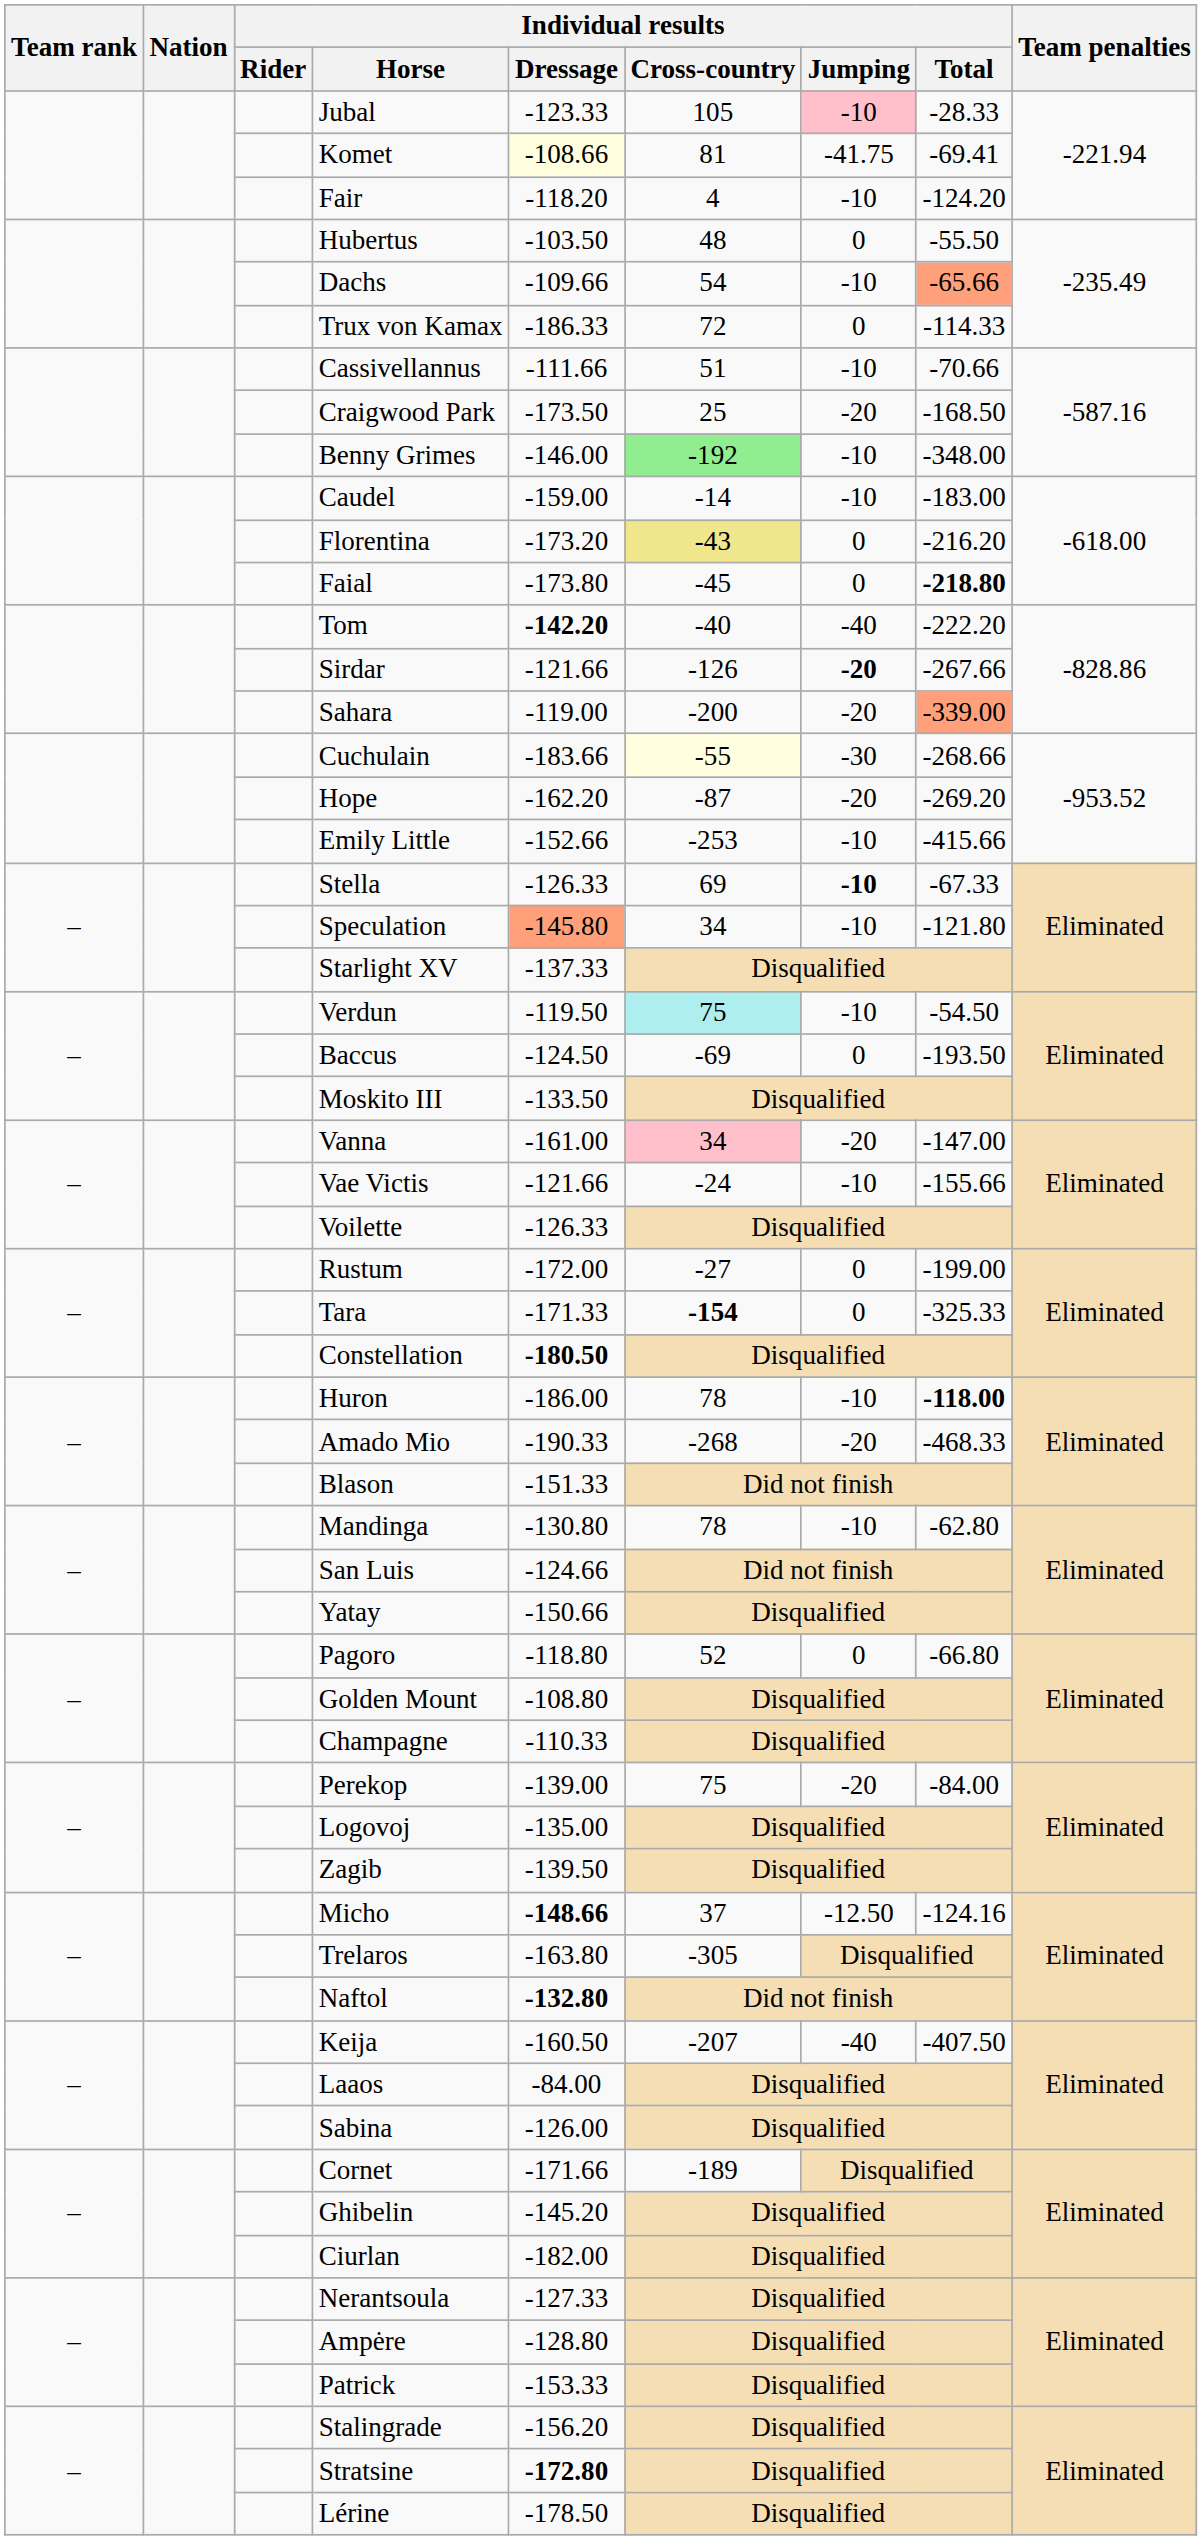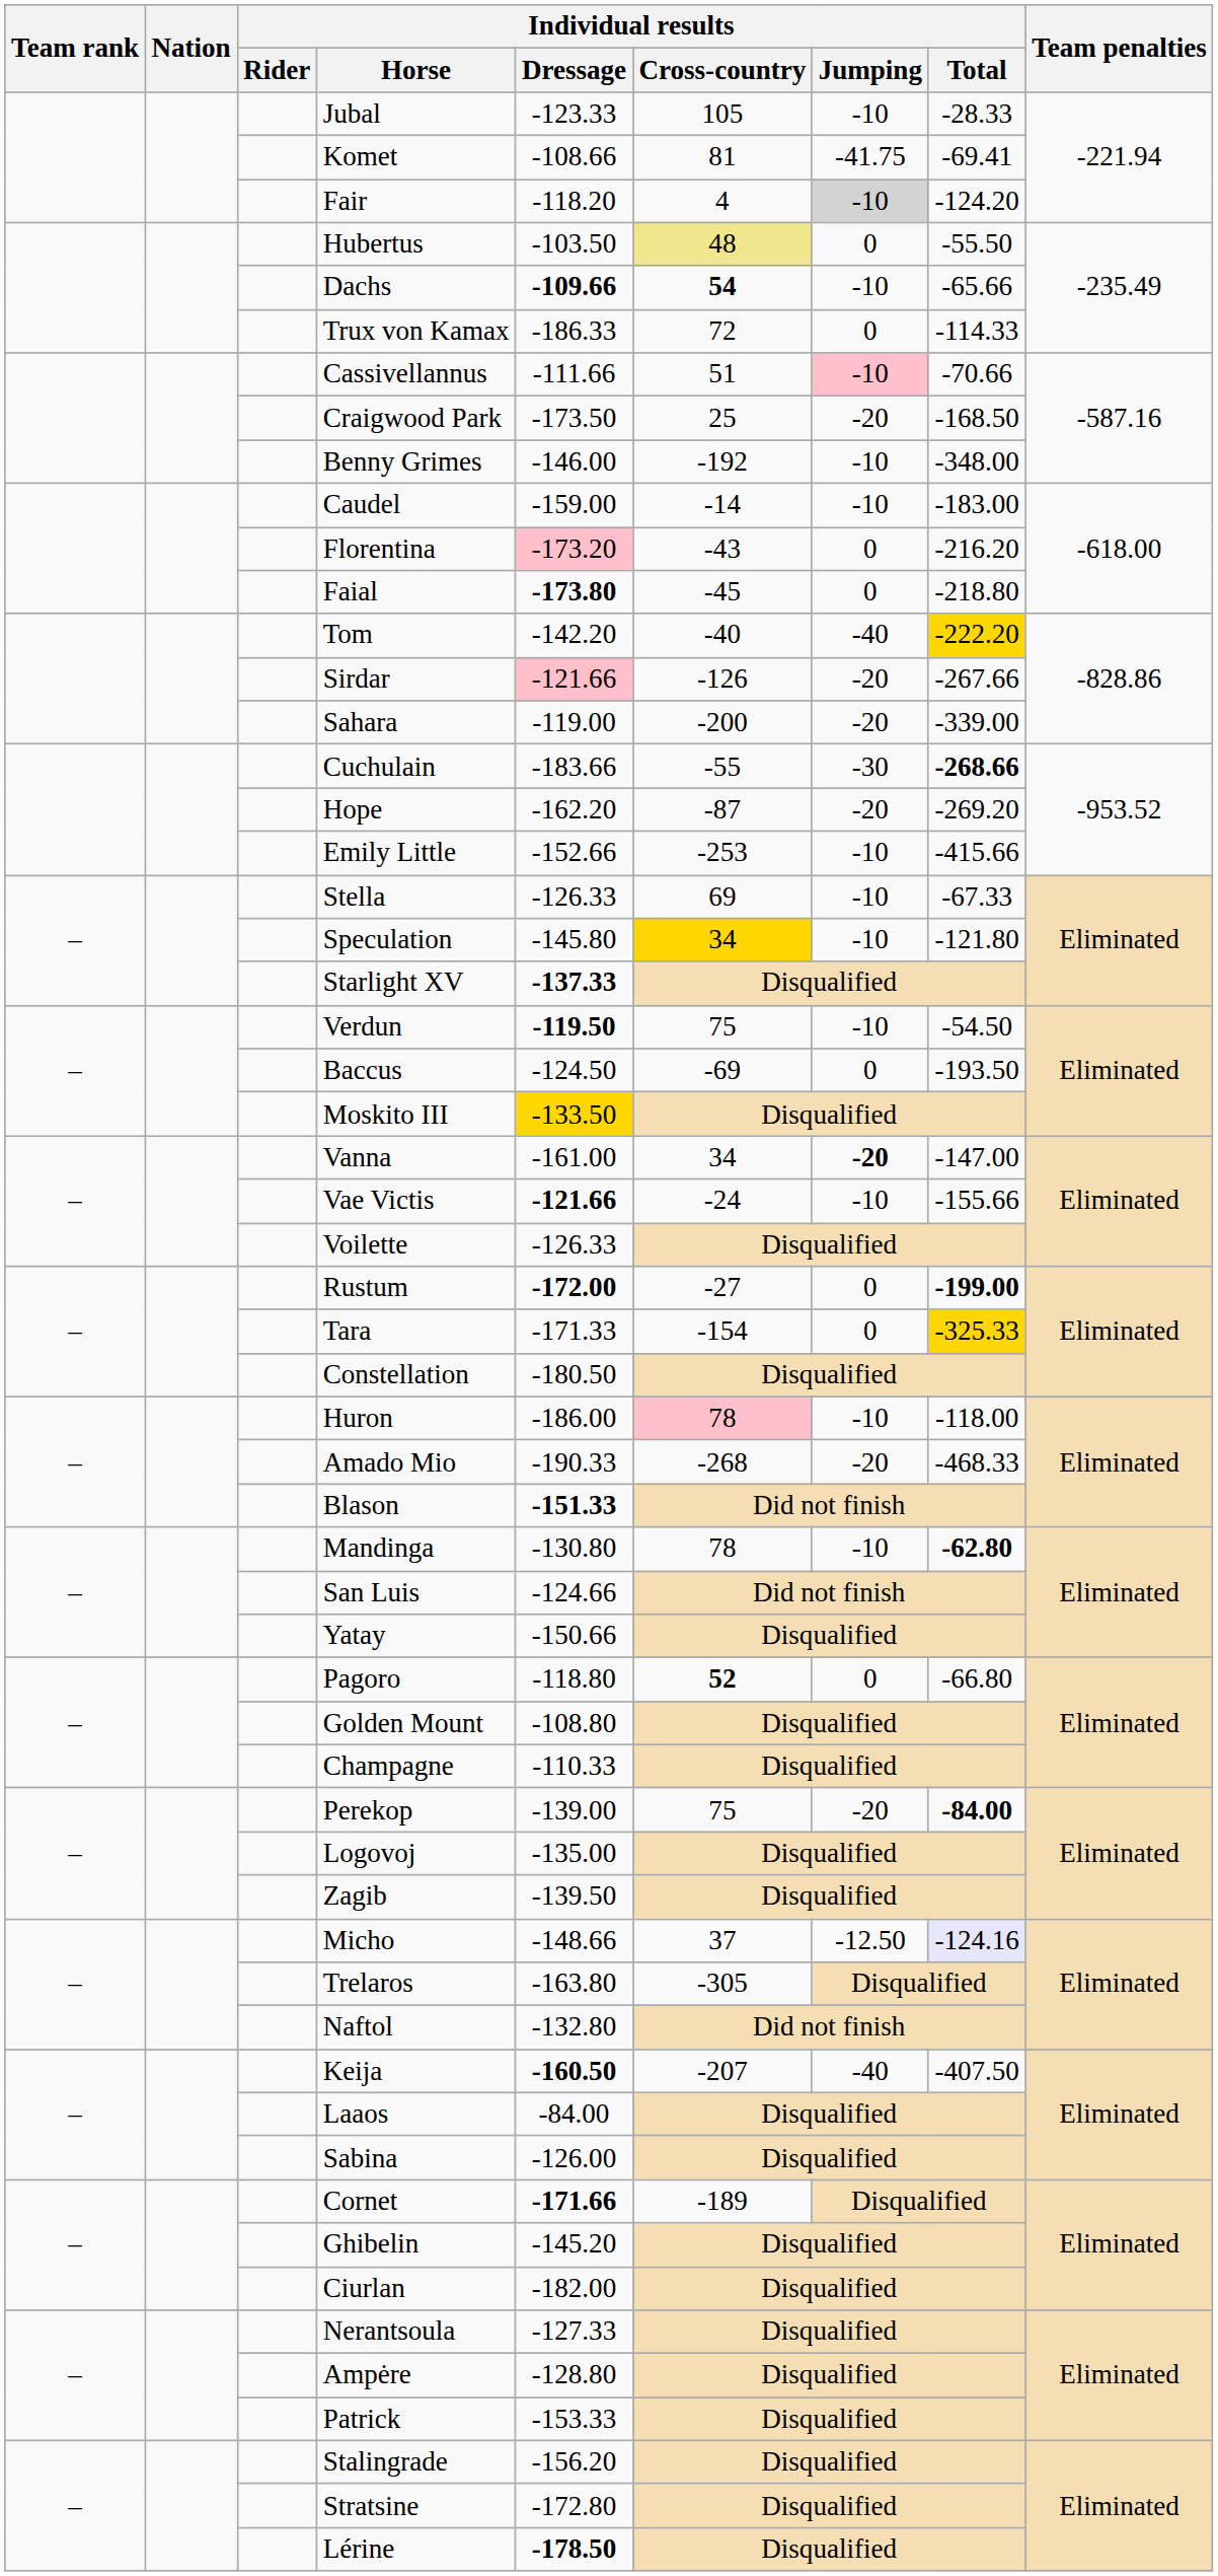 <table class="wikitable sortable" style="text-align:center">
 <tr>
 <th rowspan="2">Team rank</th>
 <th rowspan="2">Nation</th>
 <th colspan="6">Individual results</th>
 <th rowspan="2">Team penalties</th>
 </tr>
 <tr>
 <th>Rider</th>
 <th>Horse</th>
 <th>Dressage</th>
 <th>Cross-country</th>
 <th>Jumping</th>
 <th>Total</th>
 </tr>
 <tr>
 <td rowspan=3></td>
 <td rowspan=3 align=left></td>
 <td align=left></td>
 <td align=left>Jubal</td>
 <td>-123.33</td>
 <td>105</td>
-<td style="background: pink;">-10</td>
+<td>-10</td>
 <td>-28.33</td>
 <td rowspan=3>-221.94</td>
 </tr>
 <tr>
 <td align=left></td>
 <td align=left>Komet</td>
-<td style="background: lightyellow;">-108.66</td>
+<td>-108.66</td>
 <td>81</td>
 <td>-41.75</td>
 <td>-69.41</td>
 </tr>
 <tr>
 <td align=left></td>
 <td align=left>Fair</td>
 <td>-118.20</td>
 <td>4</td>
-<td>-10</td>
+<td style="background: lightgrey;">-10</td>
 <td>-124.20</td>
 </tr>
 <tr>
 <td rowspan=3></td>
 <td rowspan=3 align=left></td>
 <td align=left></td>
 <td align=left>Hubertus</td>
 <td>-103.50</td>
-<td>48</td>
+<td style="background: khaki;">48</td>
 <td>0</td>
 <td>-55.50</td>
 <td rowspan=3>-235.49</td>
 </tr>
 <tr>
 <td align=left></td>
 <td align=left>Dachs</td>
-<td>-109.66</td>
-<td>54</td>
+<td><strong>-109.66</strong></td>
+<td><strong>54</strong></td>
 <td>-10</td>
-<td style="background: lightsalmon;">-65.66</td>
+<td>-65.66</td>
 </tr>
 <tr>
 <td align=left></td>
 <td align=left>Trux von Kamax</td>
 <td>-186.33</td>
 <td>72</td>
 <td>0</td>
 <td>-114.33</td>
 </tr>
 <tr>
 <td rowspan=3></td>
 <td rowspan=3 align=left></td>
 <td align=left></td>
 <td align=left>Cassivellannus</td>
 <td>-111.66</td>
 <td>51</td>
-<td>-10</td>
+<td style="background: pink;">-10</td>
 <td>-70.66</td>
 <td rowspan=3>-587.16</td>
 </tr>
 <tr>
 <td align=left></td>
 <td align=left>Craigwood Park</td>
 <td>-173.50</td>
 <td>25</td>
 <td>-20</td>
 <td>-168.50</td>
 </tr>
 <tr>
 <td align=left></td>
 <td align=left>Benny Grimes</td>
 <td>-146.00</td>
-<td style="background: lightgreen;">-192</td>
+<td>-192</td>
 <td>-10</td>
 <td>-348.00</td>
 </tr>
 <tr>
 <td rowspan=3></td>
 <td rowspan=3 align=left></td>
 <td align=left></td>
 <td align=left>Caudel</td>
 <td>-159.00</td>
 <td>-14</td>
 <td>-10</td>
 <td>-183.00</td>
 <td rowspan=3>-618.00</td>
 </tr>
 <tr>
 <td align=left></td>
 <td align=left>Florentina</td>
-<td>-173.20</td>
-<td style="background: khaki;">-43</td>
+<td style="background: pink;">-173.20</td>
+<td>-43</td>
 <td>0</td>
 <td>-216.20</td>
 </tr>
 <tr>
 <td align=left></td>
 <td align=left>Faial</td>
-<td>-173.80</td>
+<td><strong>-173.80</strong></td>
 <td>-45</td>
 <td>0</td>
-<td><strong>-218.80</strong></td>
+<td>-218.80</td>
 </tr>
 <tr>
 <td rowspan=3></td>
 <td rowspan=3 align=left></td>
 <td align=left></td>
 <td align=left>Tom</td>
-<td><strong>-142.20</strong></td>
+<td>-142.20</td>
 <td>-40</td>
 <td>-40</td>
-<td>-222.20</td>
+<td style="background: gold;">-222.20</td>
 <td rowspan=3>-828.86</td>
 </tr>
 <tr>
 <td align=left></td>
 <td align=left>Sirdar</td>
-<td>-121.66</td>
+<td style="background: pink;">-121.66</td>
 <td>-126</td>
-<td><strong>-20</strong></td>
+<td>-20</td>
 <td>-267.66</td>
 </tr>
 <tr>
 <td align=left></td>
 <td align=left>Sahara</td>
 <td>-119.00</td>
 <td>-200</td>
 <td>-20</td>
-<td style="background: lightsalmon;">-339.00</td>
+<td>-339.00</td>
 </tr>
 <tr>
 <td rowspan=3></td>
 <td rowspan=3 align=left></td>
 <td align=left></td>
 <td align=left>Cuchulain</td>
 <td>-183.66</td>
-<td style="background: lightyellow;">-55</td>
+<td>-55</td>
 <td>-30</td>
-<td>-268.66</td>
+<td><strong>-268.66</strong></td>
 <td rowspan=3>-953.52</td>
 </tr>
 <tr>
 <td align=left></td>
 <td align=left>Hope</td>
 <td>-162.20</td>
 <td>-87</td>
 <td>-20</td>
 <td>-269.20</td>
 </tr>
 <tr>
 <td align=left></td>
 <td align=left>Emily Little</td>
 <td>-152.66</td>
 <td>-253</td>
 <td>-10</td>
 <td>-415.66</td>
 </tr>
 <tr>
 <td rowspan=3>–</td>
 <td rowspan=3 align=left></td>
 <td align=left></td>
 <td align=left>Stella</td>
 <td>-126.33</td>
 <td>69</td>
-<td><strong>-10</strong></td>
+<td>-10</td>
 <td>-67.33</td>
 <td rowspan=3 bgcolor=wheat>Eliminated</td>
 </tr>
 <tr>
 <td align=left></td>
 <td align=left>Speculation</td>
-<td style="background: lightsalmon;">-145.80</td>
-<td>34</td>
+<td>-145.80</td>
+<td style="background: gold;">34</td>
 <td>-10</td>
 <td>-121.80</td>
 </tr>
 <tr>
 <td align=left></td>
 <td align=left>Starlight XV</td>
-<td>-137.33</td>
+<td><strong>-137.33</strong></td>
 <td colspan=3 bgcolor=wheat>Disqualified</td>
 </tr>
 <tr>
 <td rowspan=3>–</td>
 <td rowspan=3 align=left></td>
 <td align=left></td>
 <td align=left>Verdun</td>
-<td>-119.50</td>
-<td style="background: paleturquoise;">75</td>
+<td><strong>-119.50</strong></td>
+<td>75</td>
 <td>-10</td>
 <td>-54.50</td>
 <td rowspan=3 bgcolor=wheat>Eliminated</td>
 </tr>
 <tr>
 <td align=left></td>
 <td align=left>Baccus</td>
 <td>-124.50</td>
 <td>-69</td>
 <td>0</td>
 <td>-193.50</td>
 </tr>
 <tr>
 <td align=left></td>
 <td align=left>Moskito III</td>
-<td>-133.50</td>
+<td style="background: gold;">-133.50</td>
 <td colspan=3 bgcolor=wheat>Disqualified</td>
 </tr>
 <tr>
 <td rowspan=3>–</td>
 <td rowspan=3 align=left></td>
 <td align=left></td>
 <td align=left>Vanna</td>
 <td>-161.00</td>
-<td style="background: pink;">34</td>
-<td>-20</td>
+<td>34</td>
+<td><strong>-20</strong></td>
 <td>-147.00</td>
 <td rowspan=3 bgcolor=wheat>Eliminated</td>
 </tr>
 <tr>
 <td align=left></td>
 <td align=left>Vae Victis</td>
-<td>-121.66</td>
+<td><strong>-121.66</strong></td>
 <td>-24</td>
 <td>-10</td>
 <td>-155.66</td>
 </tr>
 <tr>
 <td align=left></td>
 <td align=left>Voilette</td>
 <td>-126.33</td>
 <td colspan=3 bgcolor=wheat>Disqualified</td>
 </tr>
 <tr>
 <td rowspan=3>–</td>
 <td rowspan=3 align=left></td>
 <td align=left></td>
 <td align=left>Rustum</td>
-<td>-172.00</td>
+<td><strong>-172.00</strong></td>
 <td>-27</td>
 <td>0</td>
-<td>-199.00</td>
+<td><strong>-199.00</strong></td>
 <td rowspan=3 bgcolor=wheat>Eliminated</td>
 </tr>
 <tr>
 <td align=left></td>
 <td align=left>Tara</td>
 <td>-171.33</td>
-<td><strong>-154</strong></td>
+<td>-154</td>
 <td>0</td>
-<td>-325.33</td>
+<td style="background: gold;">-325.33</td>
 </tr>
 <tr>
 <td align=left></td>
 <td align=left>Constellation</td>
-<td><strong>-180.50</strong></td>
+<td>-180.50</td>
 <td colspan=3 bgcolor=wheat>Disqualified</td>
 </tr>
 <tr>
 <td rowspan=3>–</td>
 <td rowspan=3 align=left></td>
 <td align=left></td>
 <td align=left>Huron</td>
 <td>-186.00</td>
-<td>78</td>
+<td style="background: pink;">78</td>
 <td>-10</td>
-<td><strong>-118.00</strong></td>
+<td>-118.00</td>
 <td rowspan=3 bgcolor=wheat>Eliminated</td>
 </tr>
 <tr>
 <td align=left></td>
 <td align=left>Amado Mio</td>
 <td>-190.33</td>
 <td>-268</td>
 <td>-20</td>
 <td>-468.33</td>
 </tr>
 <tr>
 <td align=left></td>
 <td align=left>Blason</td>
-<td>-151.33</td>
+<td><strong>-151.33</strong></td>
 <td colspan=3 bgcolor=wheat>Did not finish</td>
 </tr>
 <tr>
 <td rowspan=3>–</td>
 <td rowspan=3 align=left></td>
 <td align=left></td>
 <td align=left>Mandinga</td>
 <td>-130.80</td>
 <td>78</td>
 <td>-10</td>
-<td>-62.80</td>
+<td><strong>-62.80</strong></td>
 <td rowspan=3 bgcolor=wheat>Eliminated</td>
 </tr>
 <tr>
 <td align=left></td>
 <td align=left>San Luis</td>
 <td>-124.66</td>
 <td colspan=3 bgcolor=wheat>Did not finish</td>
 </tr>
 <tr>
 <td align=left></td>
 <td align=left>Yatay</td>
 <td>-150.66</td>
 <td colspan=3 bgcolor=wheat>Disqualified</td>
 </tr>
 <tr>
 <td rowspan=3>–</td>
 <td rowspan=3 align=left></td>
 <td align=left></td>
 <td align=left>Pagoro</td>
 <td>-118.80</td>
-<td>52</td>
+<td><strong>52</strong></td>
 <td>0</td>
 <td>-66.80</td>
 <td rowspan=3 bgcolor=wheat>Eliminated</td>
 </tr>
 <tr>
 <td align=left></td>
 <td align=left>Golden Mount</td>
 <td>-108.80</td>
 <td colspan=3 bgcolor=wheat>Disqualified</td>
 </tr>
 <tr>
 <td align=left></td>
 <td align=left>Champagne</td>
 <td>-110.33</td>
 <td colspan=3 bgcolor=wheat>Disqualified</td>
 </tr>
 <tr>
 <td rowspan=3>–</td>
 <td rowspan=3 align=left></td>
 <td align=left></td>
 <td align=left>Perekop</td>
 <td>-139.00</td>
 <td>75</td>
 <td>-20</td>
-<td>-84.00</td>
+<td><strong>-84.00</strong></td>
 <td rowspan=3 bgcolor=wheat>Eliminated</td>
 </tr>
 <tr>
 <td align=left></td>
 <td align=left>Logovoj</td>
 <td>-135.00</td>
 <td colspan=3 bgcolor=wheat>Disqualified</td>
 </tr>
 <tr>
 <td align=left></td>
 <td align=left>Zagib</td>
 <td>-139.50</td>
 <td colspan=3 bgcolor=wheat>Disqualified</td>
 </tr>
 <tr>
 <td rowspan=3>–</td>
 <td rowspan=3 align=left></td>
 <td align=left></td>
 <td align=left>Micho</td>
-<td><strong>-148.66</strong></td>
+<td>-148.66</td>
 <td>37</td>
 <td>-12.50</td>
-<td>-124.16</td>
+<td style="background: lavender;">-124.16</td>
 <td rowspan=3 bgcolor=wheat>Eliminated</td>
 </tr>
 <tr>
 <td align=left></td>
 <td align=left>Trelaros</td>
 <td>-163.80</td>
 <td>-305</td>
 <td colspan=2 bgcolor=wheat>Disqualified</td>
 </tr>
 <tr>
 <td align=left></td>
 <td align=left>Naftol</td>
-<td><strong>-132.80</strong></td>
+<td>-132.80</td>
 <td colspan=3 bgcolor=wheat>Did not finish</td>
 </tr>
 <tr>
 <td rowspan=3>–</td>
 <td rowspan=3 align=left></td>
 <td align=left></td>
 <td align=left>Keija</td>
-<td>-160.50</td>
+<td><strong>-160.50</strong></td>
 <td>-207</td>
 <td>-40</td>
 <td>-407.50</td>
 <td rowspan=3 bgcolor=wheat>Eliminated</td>
 </tr>
 <tr>
 <td align=left></td>
 <td align=left>Laaos</td>
 <td>-84.00</td>
 <td colspan=3 bgcolor=wheat>Disqualified</td>
 </tr>
 <tr>
 <td align=left></td>
 <td align=left>Sabina</td>
 <td>-126.00</td>
 <td colspan=3 bgcolor=wheat>Disqualified</td>
 </tr>
 <tr>
 <td rowspan=3>–</td>
 <td rowspan=3 align=left></td>
 <td align=left></td>
 <td align=left>Cornet</td>
-<td>-171.66</td>
+<td><strong>-171.66</strong></td>
 <td>-189</td>
 <td colspan=2 bgcolor=wheat>Disqualified</td>
 <td rowspan=3 bgcolor=wheat>Eliminated</td>
 </tr>
 <tr>
 <td align=left></td>
 <td align=left>Ghibelin</td>
 <td>-145.20</td>
 <td colspan=3 bgcolor=wheat>Disqualified</td>
 </tr>
 <tr>
 <td align=left></td>
 <td align=left>Ciurlan</td>
 <td>-182.00</td>
 <td colspan=3 bgcolor=wheat>Disqualified</td>
 </tr>
 <tr>
 <td rowspan=3>–</td>
 <td rowspan=3 align=left></td>
 <td align=left></td>
 <td align=left>Nerantsoula</td>
 <td>-127.33</td>
 <td colspan=3 bgcolor=wheat>Disqualified</td>
 <td rowspan=3 bgcolor=wheat>Eliminated</td>
 </tr>
 <tr>
 <td align=left></td>
 <td align=left>Ampėre</td>
 <td>-128.80</td>
 <td colspan=3 bgcolor=wheat>Disqualified</td>
 </tr>
 <tr>
 <td align=left></td>
 <td align=left>Patrick</td>
 <td>-153.33</td>
 <td colspan=3 bgcolor=wheat>Disqualified</td>
 </tr>
 <tr>
 <td rowspan=3>–</td>
 <td rowspan=3 align=left></td>
 <td align=left></td>
 <td align=left>Stalingrade</td>
 <td>-156.20</td>
 <td colspan=3 bgcolor=wheat>Disqualified</td>
 <td rowspan=3 bgcolor=wheat>Eliminated</td>
 </tr>
 <tr>
 <td align=left></td>
 <td align=left>Stratsine</td>
-<td><strong>-172.80</strong></td>
+<td>-172.80</td>
 <td colspan=3 bgcolor=wheat>Disqualified</td>
 </tr>
 <tr>
 <td align=left></td>
 <td align=left>Lérine</td>
-<td>-178.50</td>
+<td><strong>-178.50</strong></td>
 <td colspan=3 bgcolor=wheat>Disqualified</td>
 </tr>
 </table>
